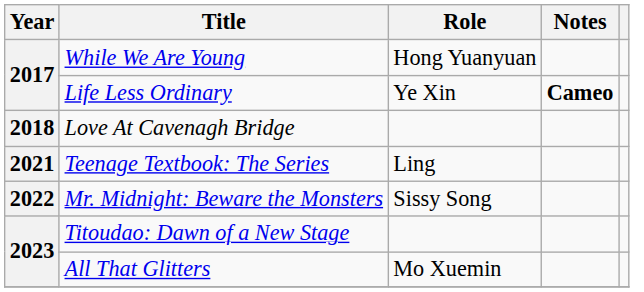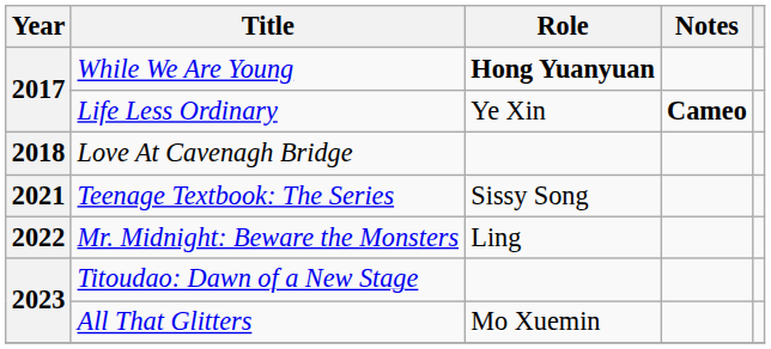 <table class="wikitable sortable plainrowheaders">
 <tr>
 <th scope="col">Year</th>
 <th scope="col">Title</th>
 <th scope="col">Role</th>
 <th scope="col" class="unsortable">Notes</th>
 <th scope="col" class="unsortable"></th>
 </tr>
 <tr>
 <th scope="row" rowspan="2">2017</th>
 <td><em><a href='#'>While We Are Young</a></em></td>
-<td>Hong Yuanyuan</td>
+<td><strong>Hong Yuanyuan</strong></td>
 <td></td>
 <td></td>
 </tr>
 <tr>
 <td><em><a href='#'>Life Less Ordinary</a></em></td>
 <td>Ye Xin</td>
 <td><strong>Cameo</strong></td>
 <td></td>
 </tr>
 <tr>
 <th scope="row" rowspan="1">2018</th>
 <td><em>Love At Cavenagh Bridge</em></td>
 <td></td>
 <td></td>
 <td></td>
 </tr>
 <tr>
 <th scope="row" rowspan="1">2021</th>
 <td><em><a href='#'>Teenage Textbook: The Series</a></em></td>
-<td>Ling</td>
+<td>Sissy Song</td>
 <td></td>
 <td></td>
 </tr>
 <tr>
 <th scope="row" rowspan="1">2022</th>
 <td><em><a href='#'>Mr. Midnight: Beware the Monsters</a></em></td>
-<td>Sissy Song</td>
+<td>Ling</td>
 <td></td>
 <td></td>
 </tr>
 <tr>
 <th scope="row" rowspan="2">2023</th>
 <td><em><a href='#'>Titoudao: Dawn of a New Stage</a></em></td>
 <td></td>
 <td></td>
 <td></td>
 </tr>
 <tr>
 <td><em><a href='#'>All That Glitters</a></em></td>
 <td>Mo Xuemin</td>
 <td></td>
 <td></td>
 </tr>
 <tr>
 </tr>
 </table>
